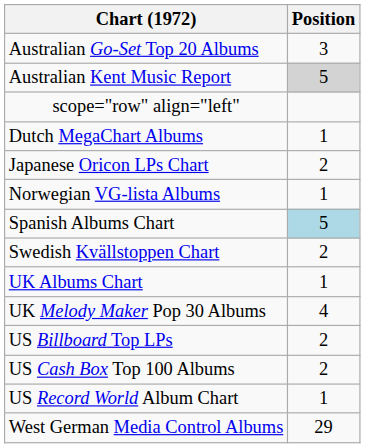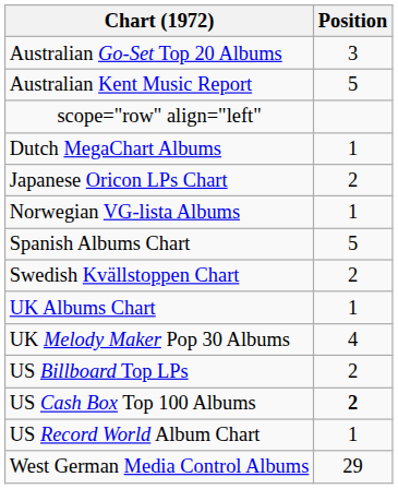 <table class="wikitable sortable" style="text-align:center;">
 <tr>
 <th scope="col">Chart (1972)</th>
 <th scope="col">Position</th>
 </tr>
 <tr>
 <td scope="row" align="left">Australian <a href='#'><em>Go-Set</em> Top 20 Albums</a></td>
 <td>3</td>
 </tr>
 <tr>
 <td scope="row" align="left">Australian <a href='#'>Kent Music Report</a></td>
-<td style="background: lightgrey;">5</td>
+<td>5</td>
 </tr>
 <tr>
 <td>scope="row" align="left"</td>
 </tr>
 <tr>
 <td scope="row" align="left">Dutch <a href='#'>MegaChart Albums</a></td>
 <td>1</td>
 </tr>
 <tr>
 <td scope="row" align="left">Japanese <a href='#'>Oricon LPs Chart</a></td>
 <td>2</td>
 </tr>
 <tr>
 <td scope="row" align="left">Norwegian <a href='#'>VG-lista Albums</a></td>
 <td>1</td>
 </tr>
 <tr>
 <td scope="row" align="left">Spanish Albums Chart</td>
-<td style="background: lightblue;">5</td>
+<td>5</td>
 </tr>
 <tr>
 <td scope="row" align="left">Swedish <a href='#'>Kvällstoppen Chart</a></td>
 <td>2</td>
 </tr>
 <tr>
 <td scope="row" align="left"><a href='#'>UK Albums Chart</a></td>
 <td>1</td>
 </tr>
 <tr>
 <td scope="row" align="left">UK <em><a href='#'>Melody Maker</a></em> Pop 30 Albums</td>
 <td>4</td>
 </tr>
 <tr>
 <td scope="row" align="left">US <a href='#'><em>Billboard</em> Top LPs</a></td>
 <td>2</td>
 </tr>
 <tr>
 <td scope="row" align="left">US <em><a href='#'>Cash Box</a></em> Top 100 Albums</td>
-<td>2</td>
+<td><strong>2</strong></td>
 </tr>
 <tr>
 <td scope="row" align="left">US <em><a href='#'>Record World</a></em> Album Chart</td>
 <td>1</td>
 </tr>
 <tr>
 <td scope="row" align="left">West German <a href='#'>Media Control Albums</a></td>
 <td>29</td>
 </tr>
 </table>
